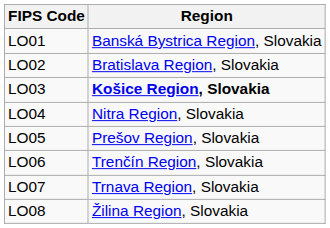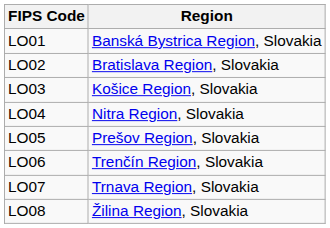 <table class="wikitable">
 <tr>
 <th>FIPS Code</th>
 <th>Region</th>
 </tr>
 <tr>
 <td>LO01</td>
 <td><a href='#'>Banská Bystrica Region</a>, Slovakia</td>
 </tr>
 <tr>
 <td>LO02</td>
 <td><a href='#'>Bratislava Region</a>, Slovakia</td>
 </tr>
 <tr>
 <td>LO03</td>
-<td><strong><a href='#'>Košice Region</a>, Slovakia</strong></td>
+<td><a href='#'>Košice Region</a>, Slovakia</td>
 </tr>
 <tr>
 <td>LO04</td>
 <td><a href='#'>Nitra Region</a>, Slovakia</td>
 </tr>
 <tr>
 <td>LO05</td>
 <td><a href='#'>Prešov Region</a>, Slovakia</td>
 </tr>
 <tr>
 <td>LO06</td>
 <td><a href='#'>Trenčín Region</a>, Slovakia</td>
 </tr>
 <tr>
 <td>LO07</td>
 <td><a href='#'>Trnava Region</a>, Slovakia</td>
 </tr>
 <tr>
 <td>LO08</td>
 <td><a href='#'>Žilina Region</a>, Slovakia</td>
 </tr>
 </table>
